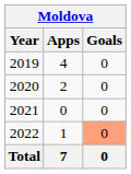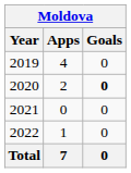 <table class="wikitable" style="text-align:center">
 <tr>
 <th colspan=3><a href='#'>Moldova</a></th>
 </tr>
 <tr>
 <th>Year</th>
 <th>Apps</th>
 <th>Goals</th>
 </tr>
 <tr>
 <td>2019</td>
 <td>4</td>
 <td>0</td>
 </tr>
 <tr>
 <td>2020</td>
 <td>2</td>
-<td>0</td>
+<td><strong>0</strong></td>
 </tr>
 <tr>
 <td>2021</td>
 <td>0</td>
 <td>0</td>
 </tr>
 <tr>
 <td>2022</td>
 <td>1</td>
-<td style="background: lightsalmon;">0</td>
+<td>0</td>
 </tr>
 <tr>
 <th>Total</th>
 <th>7</th>
 <th>0</th>
 </tr>
 </table>
